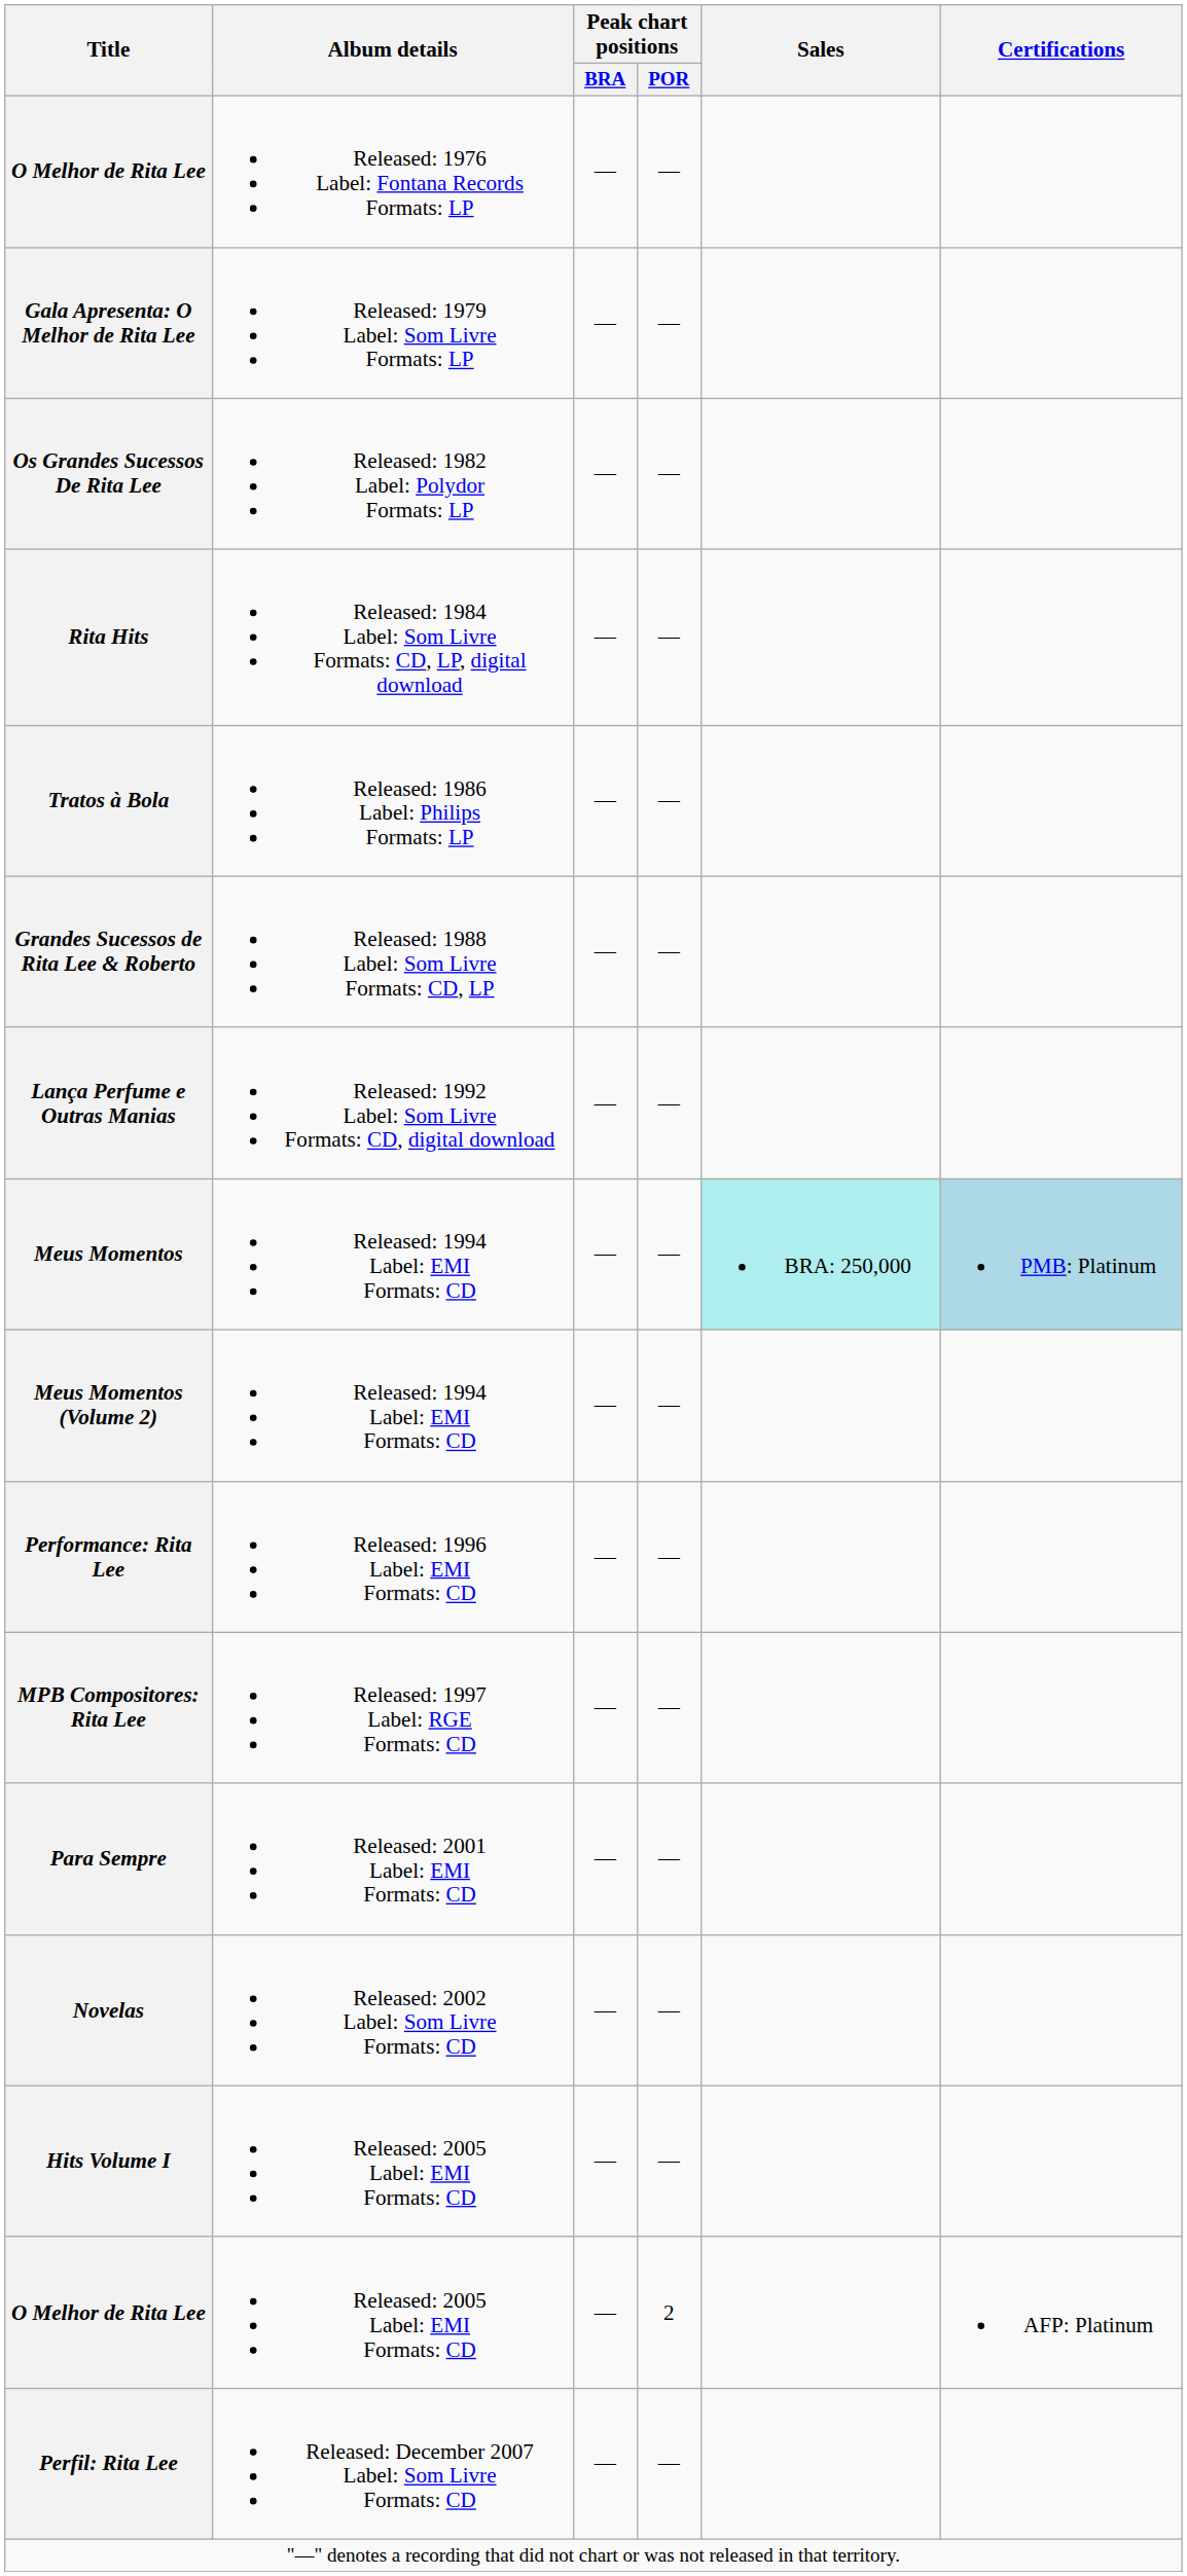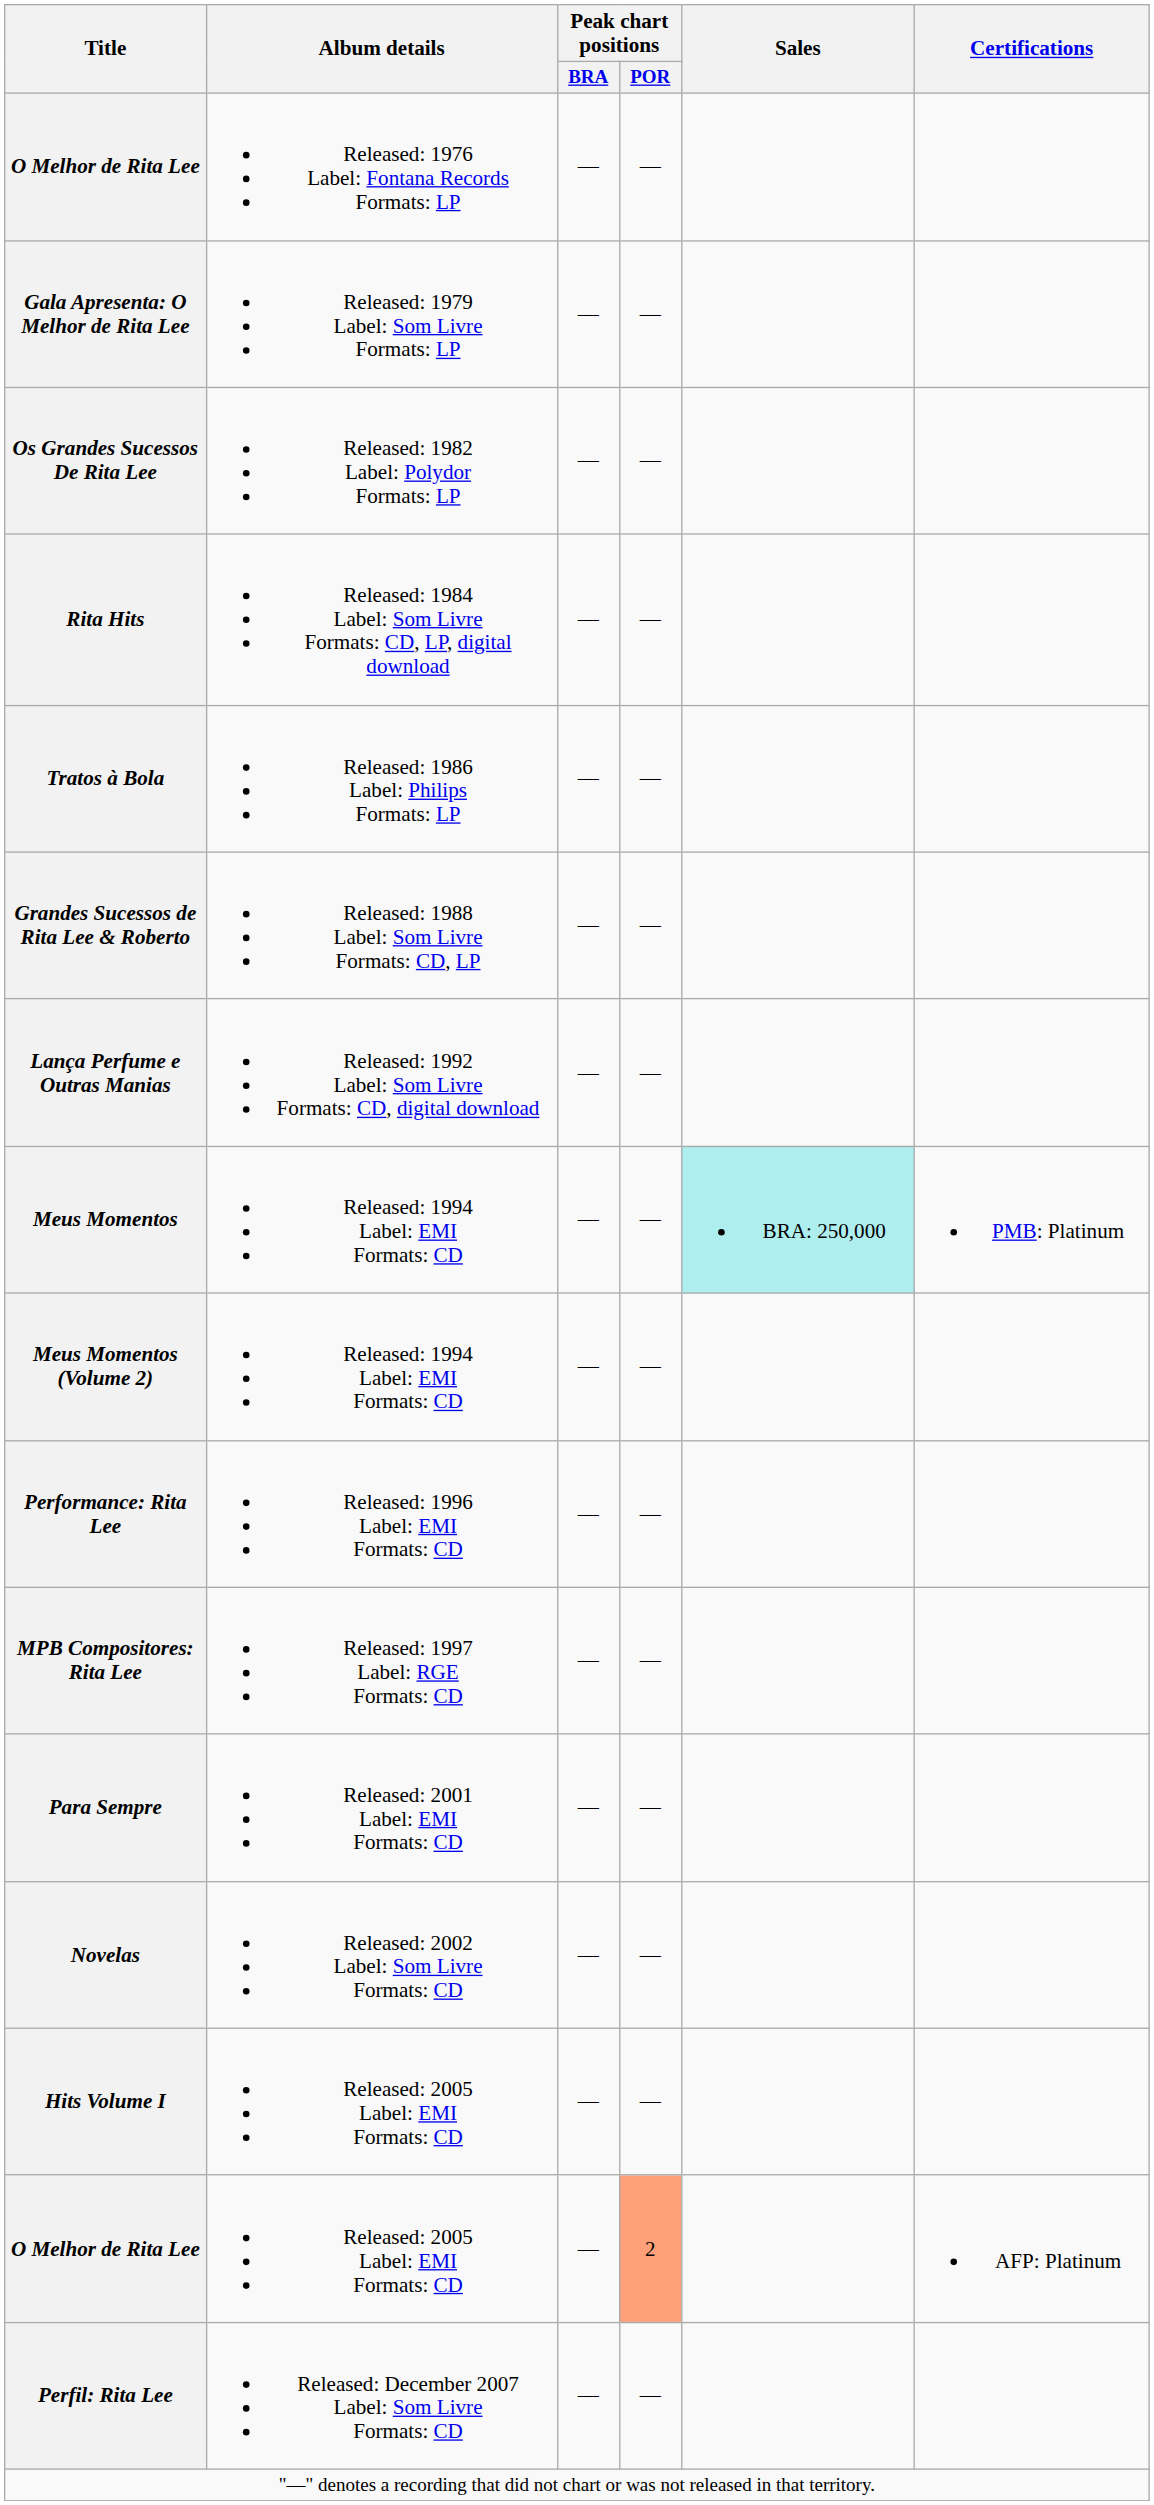 <table class="wikitable plainrowheaders" style="text-align:center;">
 <tr>
 <th scope="col" rowspan="2" style="width:10em;">Title</th>
 <th scope="col" rowspan="2" style="width:19em;">Album details</th>
 <th scope="col" colspan="2">Peak chart positions</th>
 <th scope="col" rowspan="2" style="width:12em;">Sales</th>
 <th scope="col" rowspan="2" style="width:12em;"><a href='#'>Certifications</a></th>
 </tr>
 <tr>
 <th scope="col" style="width:3em;font-size:90%;"><a href='#'>BRA</a></th>
 <th scope="col" style="width:3em;font-size:90%;"><a href='#'>POR</a><br></th>
 </tr>
 <tr>
 <th scope="row"><em>O Melhor de Rita Lee</em></th>
 <td><br><ul><li>Released: 1976</li><li>Label: <a href='#'>Fontana Records</a></li><li>Formats: <a href='#'>LP</a></li></ul></td>
 <td>—</td>
 <td>—</td>
 <td></td>
 <td></td>
 </tr>
 <tr>
 <th scope="row"><em>Gala Apresenta: O Melhor de Rita Lee</em></th>
 <td><br><ul><li>Released: 1979</li><li>Label: <a href='#'>Som Livre</a></li><li>Formats: <a href='#'>LP</a></li></ul></td>
 <td>—</td>
 <td>—</td>
 <td></td>
 <td></td>
 </tr>
 <tr>
 <th scope="row"><em>Os Grandes Sucessos De Rita Lee</em></th>
 <td><br><ul><li>Released: 1982</li><li>Label: <a href='#'>Polydor</a></li><li>Formats: <a href='#'>LP</a></li></ul></td>
 <td>—</td>
 <td>—</td>
 <td></td>
 <td></td>
 </tr>
 <tr>
 <th scope="row"><em>Rita Hits</em></th>
 <td><br><ul><li>Released: 1984</li><li>Label: <a href='#'>Som Livre</a></li><li>Formats: <a href='#'>CD</a>, <a href='#'>LP</a>, <a href='#'>digital download</a></li></ul></td>
 <td>—</td>
 <td>—</td>
 <td></td>
 <td></td>
 </tr>
 <tr>
 <th scope="row"><em>Tratos à Bola</em></th>
 <td><br><ul><li>Released: 1986</li><li>Label: <a href='#'>Philips</a></li><li>Formats: <a href='#'>LP</a></li></ul></td>
 <td>—</td>
 <td>—</td>
 <td></td>
 <td></td>
 </tr>
 <tr>
 <th scope="row"><em>Grandes Sucessos de Rita Lee & Roberto</em></th>
 <td><br><ul><li>Released: 1988</li><li>Label: <a href='#'>Som Livre</a></li><li>Formats: <a href='#'>CD</a>, <a href='#'>LP</a></li></ul></td>
 <td>—</td>
 <td>—</td>
 <td></td>
 <td></td>
 </tr>
 <tr>
 <th scope="row"><em>Lança Perfume e Outras Manias</em></th>
 <td><br><ul><li>Released: 1992</li><li>Label: <a href='#'>Som Livre</a></li><li>Formats: <a href='#'>CD</a>, <a href='#'>digital download</a></li></ul></td>
 <td>—</td>
 <td>—</td>
 <td></td>
 <td></td>
 </tr>
 <tr>
 <th scope="row"><em>Meus Momentos</em></th>
 <td><br><ul><li>Released: 1994</li><li>Label: <a href='#'>EMI</a></li><li>Formats: <a href='#'>CD</a></li></ul></td>
 <td>—</td>
 <td>—</td>
 <td style="background: paleturquoise;"><br><ul><li>BRA: 250,000</li></ul></td>
-<td style="background: lightblue;"><br><ul><li><a href='#'>PMB</a>: Platinum</li></ul></td>
+<td><br><ul><li><a href='#'>PMB</a>: Platinum</li></ul></td>
 </tr>
 <tr>
 <th scope="row"><em>Meus Momentos (Volume 2)</em></th>
 <td><br><ul><li>Released: 1994</li><li>Label: <a href='#'>EMI</a></li><li>Formats: <a href='#'>CD</a></li></ul></td>
 <td>—</td>
 <td>—</td>
 <td></td>
 <td></td>
 </tr>
 <tr>
 <th scope="row"><em>Performance: Rita Lee</em></th>
 <td><br><ul><li>Released: 1996</li><li>Label: <a href='#'>EMI</a></li><li>Formats: <a href='#'>CD</a></li></ul></td>
 <td>—</td>
 <td>—</td>
 <td></td>
 <td></td>
 </tr>
 <tr>
 <th scope="row"><em>MPB Compositores: Rita Lee</em></th>
 <td><br><ul><li>Released: 1997</li><li>Label: <a href='#'>RGE</a></li><li>Formats: <a href='#'>CD</a></li></ul></td>
 <td>—</td>
 <td>—</td>
 <td></td>
 <td></td>
 </tr>
 <tr>
 <th scope="row"><em>Para Sempre</em></th>
 <td><br><ul><li>Released: 2001</li><li>Label: <a href='#'>EMI</a></li><li>Formats: <a href='#'>CD</a></li></ul></td>
 <td>—</td>
 <td>—</td>
 <td></td>
 <td></td>
 </tr>
 <tr>
 <th scope="row"><em>Novelas</em></th>
 <td><br><ul><li>Released: 2002</li><li>Label: <a href='#'>Som Livre</a></li><li>Formats: <a href='#'>CD</a></li></ul></td>
 <td>—</td>
 <td>—</td>
 <td></td>
 <td></td>
 </tr>
 <tr>
 <th scope="row"><em>Hits Volume I</em></th>
 <td><br><ul><li>Released: 2005</li><li>Label: <a href='#'>EMI</a></li><li>Formats: <a href='#'>CD</a></li></ul></td>
 <td>—</td>
 <td>—</td>
 <td></td>
 <td></td>
 </tr>
 <tr>
 <th scope="row"><em>O Melhor de Rita Lee</em></th>
 <td><br><ul><li>Released: 2005</li><li>Label: <a href='#'>EMI</a></li><li>Formats: <a href='#'>CD</a></li></ul></td>
 <td>—</td>
-<td>2</td>
+<td style="background: lightsalmon;">2</td>
 <td></td>
 <td><br><ul><li>AFP: Platinum </li></ul></td>
 </tr>
 <tr>
 <th scope="row"><em>Perfil: Rita Lee</em></th>
 <td><br><ul><li>Released: December 2007</li><li>Label: <a href='#'>Som Livre</a></li><li>Formats: <a href='#'>CD</a></li></ul></td>
 <td>—</td>
 <td>—</td>
 <td></td>
 <td></td>
 </tr>
 <tr>
 <td colspan="15" style="font-size:90%">"—" denotes a recording that did not chart or was not released in that territory.</td>
 </tr>
 </table>
